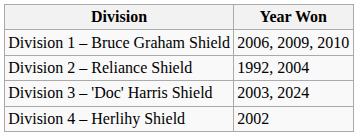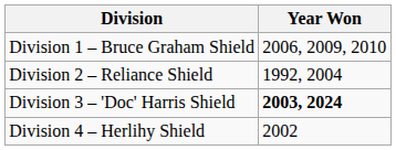 <table class="wikitable">
 <tr>
 <th>Division</th>
 <th>Year Won</th>
 </tr>
 <tr>
 <td>Division 1 – Bruce Graham Shield</td>
 <td>2006, 2009, 2010</td>
 </tr>
 <tr>
 <td>Division 2 – Reliance Shield</td>
 <td>1992, 2004</td>
 </tr>
 <tr>
 <td>Division 3 – 'Doc' Harris Shield</td>
-<td>2003, 2024</td>
+<td><strong>2003, 2024</strong></td>
 </tr>
 <tr>
 <td>Division 4 – Herlihy Shield</td>
 <td>2002</td>
 </tr>
 </table>
